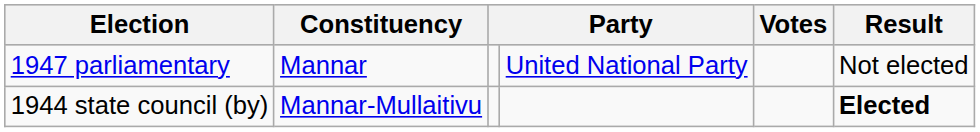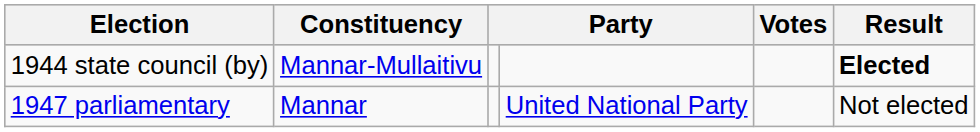 <table class="wikitable" style="text-align:left;">
 <tr>
 <th scope=col>Election</th>
 <th scope=col>Constituency</th>
 <th scope=col colspan="2">Party</th>
 <th scope=col>Votes</th>
 <th scope=col>Result</th>
 </tr>
 <tr>
+<td>1944 state council (by)</td>
+<td><a href='#'>Mannar-Mullaitivu</a></td>
+<td></td>
+<td></td>
+<td align=right></td>
+<td><strong>Elected</strong></td>
+</tr>
+<tr>
 <td><a href='#'>1947 parliamentary</a></td>
 <td><a href='#'>Mannar</a></td>
 <td style="background:"></td>
 <td><a href='#'>United National Party</a></td>
 <td align=right></td>
 <td>Not elected</td>
 </tr>
-<tr>
-<td>1944 state council (by)</td>
-<td><a href='#'>Mannar-Mullaitivu</a></td>
-<td></td>
-<td></td>
-<td align=right></td>
-<td><strong>Elected</strong></td>
-</tr>
 </table>
